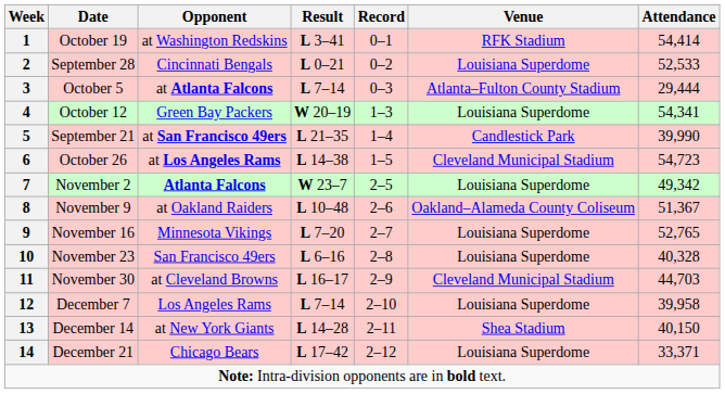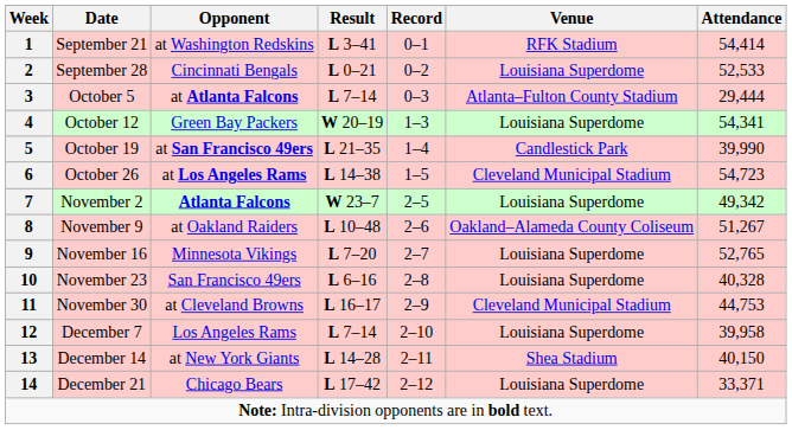 <table class="wikitable" style="text-align:center">
 <tr>
 <th>Week</th>
 <th>Date</th>
 <th>Opponent</th>
 <th>Result</th>
 <th>Record</th>
 <th>Venue</th>
 <th>Attendance</th>
 </tr>
 <tr style="background:#fcc">
 <th>1</th>
-<td>October 19</td>
+<td>September 21</td>
 <td>at <a href='#'>Washington Redskins</a></td>
 <td><strong>L</strong> 3–41</td>
 <td>0–1</td>
 <td><a href='#'>RFK Stadium</a></td>
 <td>54,414</td>
 </tr>
 <tr style="background:#fcc">
 <th>2</th>
 <td>September 28</td>
 <td><a href='#'>Cincinnati Bengals</a></td>
 <td><strong>L</strong> 0–21</td>
 <td>0–2</td>
 <td><a href='#'>Louisiana Superdome</a></td>
 <td>52,533</td>
 </tr>
 <tr style="background:#fcc">
 <th>3</th>
 <td>October 5</td>
 <td>at <strong><a href='#'>Atlanta Falcons</a></strong></td>
 <td><strong>L</strong> 7–14</td>
 <td>0–3</td>
 <td><a href='#'>Atlanta–Fulton County Stadium</a></td>
 <td>29,444</td>
 </tr>
 <tr style="background:#cfc">
 <th>4</th>
 <td>October 12</td>
 <td><a href='#'>Green Bay Packers</a></td>
 <td><strong>W</strong> 20–19</td>
 <td>1–3</td>
 <td>Louisiana Superdome</td>
 <td>54,341</td>
 </tr>
 <tr style="background:#fcc">
 <th>5</th>
-<td>September 21</td>
+<td>October 19</td>
 <td>at <strong><a href='#'>San Francisco 49ers</a></strong></td>
 <td><strong>L</strong> 21–35</td>
 <td>1–4</td>
 <td><a href='#'>Candlestick Park</a></td>
 <td>39,990</td>
 </tr>
 <tr style="background:#fcc">
 <th>6</th>
 <td>October 26</td>
 <td>at <strong><a href='#'>Los Angeles Rams</a></strong></td>
 <td><strong>L</strong> 14–38</td>
 <td>1–5</td>
 <td><a href='#'>Cleveland Municipal Stadium</a></td>
 <td>54,723</td>
 </tr>
 <tr style="background:#cfc">
 <th>7</th>
 <td>November 2</td>
 <td><strong><a href='#'>Atlanta Falcons</a></strong></td>
 <td><strong>W</strong> 23–7</td>
 <td>2–5</td>
 <td>Louisiana Superdome</td>
 <td>49,342</td>
 </tr>
 <tr style="background:#fcc">
 <th>8</th>
 <td>November 9</td>
 <td>at <a href='#'>Oakland Raiders</a></td>
 <td><strong>L</strong> 10–48</td>
 <td>2–6</td>
 <td><a href='#'>Oakland–Alameda County Coliseum</a></td>
-<td>51,367</td>
+<td>51,267</td>
 </tr>
 <tr style="background:#fcc">
 <th>9</th>
 <td>November 16</td>
 <td><a href='#'>Minnesota Vikings</a></td>
 <td><strong>L</strong> 7–20</td>
 <td>2–7</td>
 <td>Louisiana Superdome</td>
 <td>52,765</td>
 </tr>
 <tr style="background:#fcc">
 <th>10</th>
 <td>November 23</td>
 <td><a href='#'>San Francisco 49ers</a></td>
 <td><strong>L</strong> 6–16</td>
 <td>2–8</td>
 <td>Louisiana Superdome</td>
 <td>40,328</td>
 </tr>
 <tr style="background:#fcc">
 <th>11</th>
 <td>November 30</td>
 <td>at <a href='#'>Cleveland Browns</a></td>
 <td><strong>L</strong> 16–17</td>
 <td>2–9</td>
 <td><a href='#'>Cleveland Municipal Stadium</a></td>
-<td>44,703</td>
+<td>44,753</td>
 </tr>
 <tr style="background:#fcc">
 <th>12</th>
 <td>December 7</td>
 <td><a href='#'>Los Angeles Rams</a></td>
 <td><strong>L</strong> 7–14</td>
 <td>2–10</td>
 <td>Louisiana Superdome</td>
 <td>39,958</td>
 </tr>
 <tr style="background:#fcc">
 <th>13</th>
 <td>December 14</td>
 <td>at <a href='#'>New York Giants</a></td>
 <td><strong>L</strong> 14–28</td>
 <td>2–11</td>
 <td><a href='#'>Shea Stadium</a></td>
 <td>40,150</td>
 </tr>
 <tr style="background:#fcc">
 <th>14</th>
 <td>December 21</td>
 <td><a href='#'>Chicago Bears</a></td>
 <td><strong>L</strong> 17–42</td>
 <td>2–12</td>
 <td>Louisiana Superdome</td>
 <td>33,371</td>
 </tr>
 <tr>
 <td colspan="7"><strong>Note:</strong> Intra-division opponents are in <strong>bold</strong> text.</td>
 </tr>
 </table>
